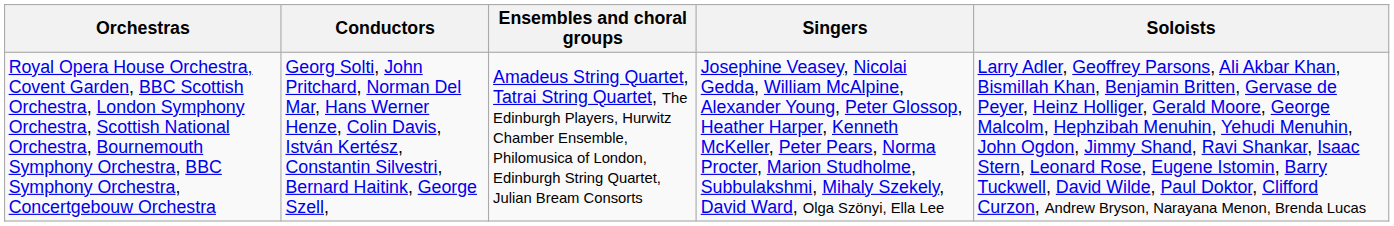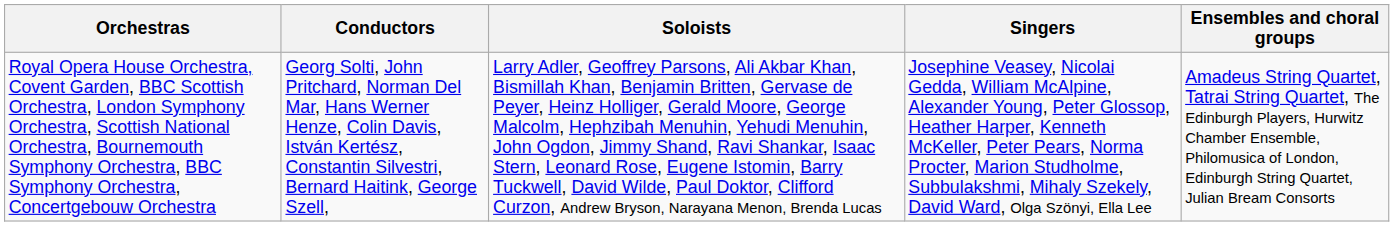 <table class="wikitable toptextcells">
 <tr class="hintergrundfarbe5">
 <th style="width:20%;">Orchestras</th>
 <th style="width:15%;">Conductors</th>
+<th style="width:30%;">Soloists</th>
+<th style="width:20%;">Singers</th>
 <th style="width:15%;">Ensembles and choral groups</th>
-<th style="width:20%;">Singers</th>
-<th style="width:30%;">Soloists</th>
 </tr>
 <tr>
 <td><a href='#'>Royal Opera House Orchestra, Covent Garden</a>, <a href='#'>BBC Scottish Orchestra</a>, <a href='#'>London Symphony Orchestra</a>, <a href='#'>Scottish National Orchestra</a>, <a href='#'>Bournemouth Symphony Orchestra</a>, <a href='#'>BBC Symphony Orchestra</a>, <a href='#'>Concertgebouw Orchestra</a></td>
 <td><a href='#'>Georg Solti</a>, <a href='#'>John Pritchard</a>, <a href='#'>Norman Del Mar</a>, <a href='#'>Hans Werner Henze</a>, <a href='#'>Colin Davis</a>, <a href='#'>István Kertész</a>, <a href='#'>Constantin Silvestri</a>, <a href='#'>Bernard Haitink</a>, <a href='#'>George Szell</a>,</td>
+<td><a href='#'>Larry Adler</a>, <a href='#'>Geoffrey Parsons</a>, <a href='#'>Ali Akbar Khan</a>, <a href='#'>Bismillah Khan</a>, <a href='#'>Benjamin Britten</a>, <a href='#'>Gervase de Peyer</a>, <a href='#'>Heinz Holliger</a>, <a href='#'>Gerald Moore</a>, <a href='#'>George Malcolm</a>, <a href='#'>Hephzibah Menuhin</a>, <a href='#'>Yehudi Menuhin</a>, <a href='#'>John Ogdon</a>, <a href='#'>Jimmy Shand</a>, <a href='#'>Ravi Shankar</a>, <a href='#'>Isaac Stern</a>, <a href='#'>Leonard Rose</a>, <a href='#'>Eugene Istomin</a>, <a href='#'>Barry Tuckwell</a>, <a href='#'>David Wilde</a>, <a href='#'>Paul Doktor</a>, <a href='#'>Clifford Curzon</a>, <small>Andrew Bryson, Narayana Menon, Brenda Lucas</small></td>
+<td><a href='#'>Josephine Veasey</a>, <a href='#'>Nicolai Gedda</a>, <a href='#'>William McAlpine</a>, <a href='#'>Alexander Young</a>, <a href='#'>Peter Glossop</a>, <a href='#'>Heather Harper</a>,  <a href='#'>Kenneth McKeller</a>, <a href='#'>Peter Pears</a>, <a href='#'>Norma Procter</a>, <a href='#'>Marion Studholme</a>, <a href='#'>Subbulakshmi</a>, <a href='#'>Mihaly Szekely</a>, <a href='#'>David Ward</a>, <small>Olga Szönyi, Ella Lee</small></td>
 <td><a href='#'>Amadeus String Quartet</a>, <a href='#'>Tatrai String Quartet</a>, <small>The Edinburgh Players, Hurwitz Chamber Ensemble, Philomusica of London, Edinburgh String Quartet, Julian Bream Consorts</small></td>
-<td><a href='#'>Josephine Veasey</a>, <a href='#'>Nicolai Gedda</a>, <a href='#'>William McAlpine</a>, <a href='#'>Alexander Young</a>, <a href='#'>Peter Glossop</a>, <a href='#'>Heather Harper</a>,  <a href='#'>Kenneth McKeller</a>, <a href='#'>Peter Pears</a>, <a href='#'>Norma Procter</a>, <a href='#'>Marion Studholme</a>, <a href='#'>Subbulakshmi</a>, <a href='#'>Mihaly Szekely</a>, <a href='#'>David Ward</a>, <small>Olga Szönyi, Ella Lee</small></td>
-<td><a href='#'>Larry Adler</a>, <a href='#'>Geoffrey Parsons</a>, <a href='#'>Ali Akbar Khan</a>, <a href='#'>Bismillah Khan</a>, <a href='#'>Benjamin Britten</a>, <a href='#'>Gervase de Peyer</a>, <a href='#'>Heinz Holliger</a>, <a href='#'>Gerald Moore</a>, <a href='#'>George Malcolm</a>, <a href='#'>Hephzibah Menuhin</a>, <a href='#'>Yehudi Menuhin</a>, <a href='#'>John Ogdon</a>, <a href='#'>Jimmy Shand</a>, <a href='#'>Ravi Shankar</a>, <a href='#'>Isaac Stern</a>, <a href='#'>Leonard Rose</a>, <a href='#'>Eugene Istomin</a>, <a href='#'>Barry Tuckwell</a>, <a href='#'>David Wilde</a>, <a href='#'>Paul Doktor</a>, <a href='#'>Clifford Curzon</a>, <small>Andrew Bryson, Narayana Menon, Brenda Lucas</small></td>
 </tr>
 </table>
